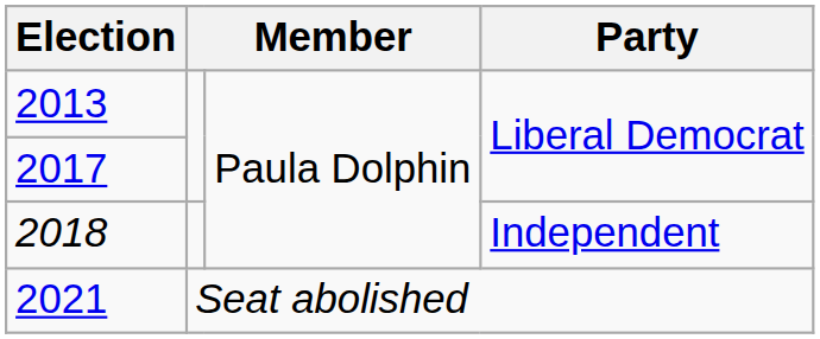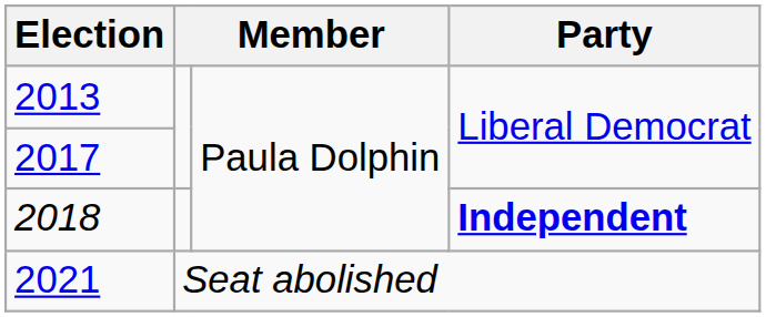 <table class="wikitable">
 <tr>
 <th>Election</th>
 <th colspan="2">Member</th>
 <th>Party</th>
 </tr>
 <tr>
 <td><a href='#'>2013</a></td>
 <td rowspan="2" style="background-color: "></td>
 <td rowspan="3">Paula Dolphin</td>
 <td rowspan="2"><a href='#'>Liberal Democrat</a></td>
 </tr>
 <tr>
 <td><a href='#'>2017</a></td>
 </tr>
 <tr>
 <td><em>2018</em></td>
 <td rowspan="1" style="background-color: "></td>
-<td rowspan="1"><a href='#'>Independent</a></td>
+<td rowspan="1"><strong><a href='#'>Independent</a></strong></td>
 </tr>
 <tr>
 <td><a href='#'>2021</a></td>
 <td colspan="3"><em>Seat abolished</em></td>
 </tr>
 </table>
